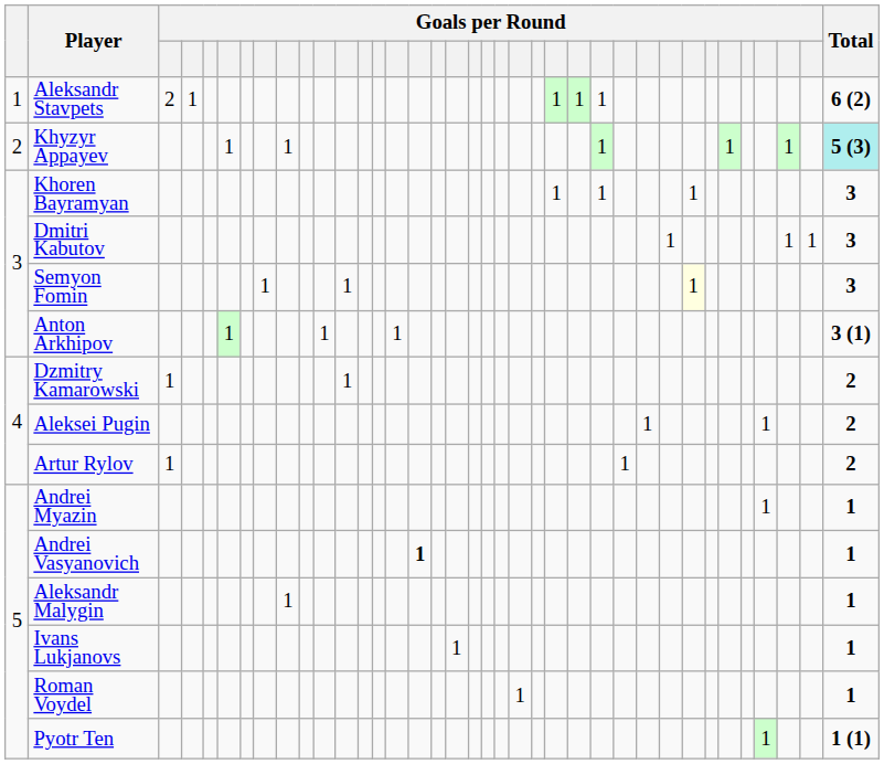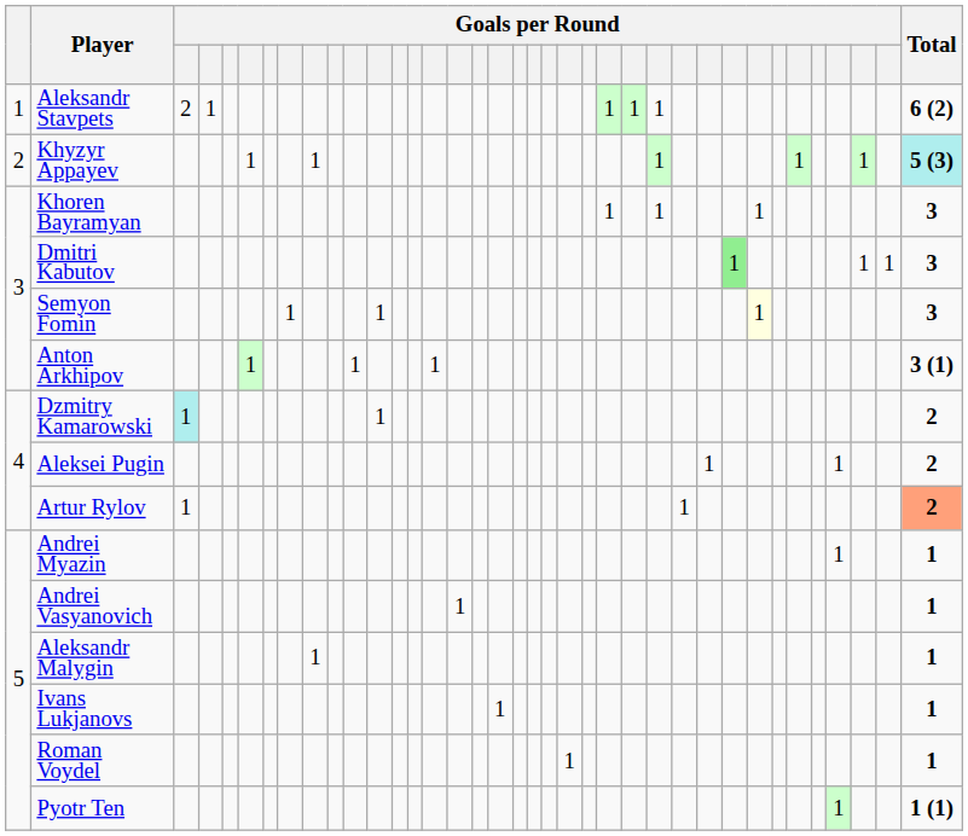 <table class="wikitable" style="text-align:center; line-height: 90%; font-size:90%;">
 <tr>
 <th rowspan=2 width=30></th>
 <th rowspan=2 width=165>Player</th>
 <th colspan=34 height=18>Goals per Round</th>
 <th rowspan=2 colspan=2 height=18 width=40>Total</th>
 </tr>
 <tr>
 <th width=25 height=18></th>
 <th width=25></th>
 <th width=25></th>
 <th width=25></th>
 <th width=25></th>
 <th width=25></th>
 <th width=25></th>
 <th width=25></th>
 <th width=25></th>
 <th width=25></th>
 <th width=25></th>
 <th width=25></th>
 <th width=26></th>
 <th width=25></th>
 <th width=25></th>
 <th width=25></th>
 <th width=25></th>
 <th width=25></th>
 <th width=25></th>
 <th width=25></th>
 <th width=25></th>
 <th width=25></th>
 <th width=25></th>
 <th width=25></th>
 <th width=25></th>
 <th width=25></th>
 <th width=25></th>
 <th width=25></th>
 <th width=25></th>
 <th width=25></th>
 <th width=25></th>
 <th width=25></th>
 <th width=25></th>
 <th width=25></th>
 </tr>
 <tr>
 <td>1</td>
 <td align=left height=21> <a href='#'>Aleksandr Stavpets</a></td>
 <td>2</td>
 <td>1</td>
 <td></td>
 <td></td>
 <td></td>
 <td></td>
 <td></td>
 <td></td>
 <td></td>
 <td></td>
 <td></td>
 <td></td>
 <td></td>
 <td></td>
 <td></td>
 <td></td>
 <td></td>
 <td></td>
 <td></td>
 <td></td>
 <td></td>
 <td bgcolor=#CCFFCC>1</td>
 <td bgcolor=#CCFFCC>1</td>
 <td>1</td>
 <td></td>
 <td></td>
 <td></td>
 <td></td>
 <td></td>
 <td></td>
 <td></td>
 <td></td>
 <td></td>
 <td></td>
 <td><strong>6 (2)</strong></td>
 </tr>
 <tr>
 <td>2</td>
 <td align=left height=21> <a href='#'>Khyzyr Appayev</a></td>
 <td></td>
 <td></td>
 <td></td>
 <td>1</td>
 <td></td>
 <td></td>
 <td>1</td>
 <td></td>
 <td></td>
 <td></td>
 <td></td>
 <td></td>
 <td></td>
 <td></td>
 <td></td>
 <td></td>
 <td></td>
 <td></td>
 <td></td>
 <td></td>
 <td></td>
 <td></td>
 <td></td>
 <td bgcolor=#CCFFCC>1</td>
 <td></td>
 <td></td>
 <td></td>
 <td></td>
 <td></td>
 <td bgcolor=#CCFFCC>1</td>
 <td></td>
 <td></td>
 <td bgcolor=#CCFFCC>1</td>
 <td></td>
 <td style="background: paleturquoise;"><strong>5 (3)</strong></td>
 </tr>
 <tr>
 <td rowspan=4>3</td>
 <td align=left height=21> <a href='#'>Khoren Bayramyan</a></td>
 <td></td>
 <td></td>
 <td></td>
 <td></td>
 <td></td>
 <td></td>
 <td></td>
 <td></td>
 <td></td>
 <td></td>
 <td></td>
 <td></td>
 <td></td>
 <td></td>
 <td></td>
 <td></td>
 <td></td>
 <td></td>
 <td></td>
 <td></td>
 <td></td>
 <td>1</td>
 <td></td>
 <td>1</td>
 <td></td>
 <td></td>
 <td></td>
 <td>1</td>
 <td></td>
 <td></td>
 <td></td>
 <td></td>
 <td></td>
 <td></td>
 <td><strong>3</strong></td>
 </tr>
 <tr>
 <td align=left height=21> <a href='#'>Dmitri Kabutov</a></td>
 <td></td>
 <td></td>
 <td></td>
 <td></td>
 <td></td>
 <td></td>
 <td></td>
 <td></td>
 <td></td>
 <td></td>
 <td></td>
 <td></td>
 <td></td>
 <td></td>
 <td></td>
 <td></td>
 <td></td>
 <td></td>
 <td></td>
 <td></td>
 <td></td>
 <td></td>
 <td></td>
 <td></td>
 <td></td>
 <td></td>
-<td>1</td>
+<td style="background: lightgreen;">1</td>
 <td></td>
 <td></td>
 <td></td>
 <td></td>
 <td></td>
 <td>1</td>
 <td>1</td>
 <td><strong>3</strong></td>
 </tr>
 <tr>
 <td align=left height=21> <a href='#'>Semyon Fomin</a></td>
 <td></td>
 <td></td>
 <td></td>
 <td></td>
 <td></td>
 <td>1</td>
 <td></td>
 <td></td>
 <td></td>
 <td>1</td>
 <td></td>
 <td></td>
 <td></td>
 <td></td>
 <td></td>
 <td></td>
 <td></td>
 <td></td>
 <td></td>
 <td></td>
 <td></td>
 <td></td>
 <td></td>
 <td></td>
 <td></td>
 <td></td>
 <td></td>
 <td style="background: lightyellow;">1</td>
 <td></td>
 <td></td>
 <td></td>
 <td></td>
 <td></td>
 <td></td>
 <td><strong>3</strong></td>
 </tr>
 <tr>
 <td align=left height=21> <a href='#'>Anton Arkhipov</a></td>
 <td></td>
 <td></td>
 <td></td>
 <td bgcolor=#CCFFCC>1</td>
 <td></td>
 <td></td>
 <td></td>
 <td></td>
 <td>1</td>
 <td></td>
 <td></td>
 <td></td>
 <td>1</td>
 <td></td>
 <td></td>
 <td></td>
 <td></td>
 <td></td>
 <td></td>
 <td></td>
 <td></td>
 <td></td>
 <td></td>
 <td></td>
 <td></td>
 <td></td>
 <td></td>
 <td></td>
 <td></td>
 <td></td>
 <td></td>
 <td></td>
 <td></td>
 <td></td>
 <td><strong>3 (1)</strong></td>
 </tr>
 <tr>
 <td rowspan=3>4</td>
 <td align=left height=21> <a href='#'>Dzmitry Kamarowski</a></td>
-<td>1</td>
+<td style="background: paleturquoise;">1</td>
 <td></td>
 <td></td>
 <td></td>
 <td></td>
 <td></td>
 <td></td>
 <td></td>
 <td></td>
 <td>1</td>
 <td></td>
 <td></td>
 <td></td>
 <td></td>
 <td></td>
 <td></td>
 <td></td>
 <td></td>
 <td></td>
 <td></td>
 <td></td>
 <td></td>
 <td></td>
 <td></td>
 <td></td>
 <td></td>
 <td></td>
 <td></td>
 <td></td>
 <td></td>
 <td></td>
 <td></td>
 <td></td>
 <td></td>
 <td><strong>2</strong></td>
 </tr>
 <tr>
 <td align=left height=21> <a href='#'>Aleksei Pugin</a></td>
 <td></td>
 <td></td>
 <td></td>
 <td></td>
 <td></td>
 <td></td>
 <td></td>
 <td></td>
 <td></td>
 <td></td>
 <td></td>
 <td></td>
 <td></td>
 <td></td>
 <td></td>
 <td></td>
 <td></td>
 <td></td>
 <td></td>
 <td></td>
 <td></td>
 <td></td>
 <td></td>
 <td></td>
 <td></td>
 <td>1</td>
 <td></td>
 <td></td>
 <td></td>
 <td></td>
 <td></td>
 <td>1</td>
 <td></td>
 <td></td>
 <td><strong>2</strong></td>
 </tr>
 <tr>
 <td align=left height=21> <a href='#'>Artur Rylov</a></td>
 <td>1</td>
 <td></td>
 <td></td>
 <td></td>
 <td></td>
 <td></td>
 <td></td>
 <td></td>
 <td></td>
 <td></td>
 <td></td>
 <td></td>
 <td></td>
 <td></td>
 <td></td>
 <td></td>
 <td></td>
 <td></td>
 <td></td>
 <td></td>
 <td></td>
 <td></td>
 <td></td>
 <td></td>
 <td>1</td>
 <td></td>
 <td></td>
 <td></td>
 <td></td>
 <td></td>
 <td></td>
 <td></td>
 <td></td>
 <td></td>
-<td><strong>2</strong></td>
+<td style="background: lightsalmon;"><strong>2</strong></td>
 </tr>
 <tr>
 <td rowspan=6>5</td>
 <td align=left height=21> <a href='#'>Andrei Myazin</a></td>
 <td></td>
 <td></td>
 <td></td>
 <td></td>
 <td></td>
 <td></td>
 <td></td>
 <td></td>
 <td></td>
 <td></td>
 <td></td>
 <td></td>
 <td></td>
 <td></td>
 <td></td>
 <td></td>
 <td></td>
 <td></td>
 <td></td>
 <td></td>
 <td></td>
 <td></td>
 <td></td>
 <td></td>
 <td></td>
 <td></td>
 <td></td>
 <td></td>
 <td></td>
 <td></td>
 <td></td>
 <td>1</td>
 <td></td>
 <td></td>
 <td><strong>1</strong></td>
 </tr>
 <tr>
 <td align=left height=21> <a href='#'>Andrei Vasyanovich</a></td>
 <td></td>
 <td></td>
 <td></td>
 <td></td>
 <td></td>
 <td></td>
 <td></td>
 <td></td>
 <td></td>
 <td></td>
 <td></td>
 <td></td>
 <td></td>
-<td><strong>1</strong></td>
+<td>1</td>
 <td></td>
 <td></td>
 <td></td>
 <td></td>
 <td></td>
 <td></td>
 <td></td>
 <td></td>
 <td></td>
 <td></td>
 <td></td>
 <td></td>
 <td></td>
 <td></td>
 <td></td>
 <td></td>
 <td></td>
 <td></td>
 <td></td>
 <td></td>
 <td><strong>1</strong></td>
 </tr>
 <tr>
 <td align=left height=21> <a href='#'>Aleksandr Malygin</a></td>
 <td></td>
 <td></td>
 <td></td>
 <td></td>
 <td></td>
 <td></td>
 <td>1</td>
 <td></td>
 <td></td>
 <td></td>
 <td></td>
 <td></td>
 <td></td>
 <td></td>
 <td></td>
 <td></td>
 <td></td>
 <td></td>
 <td></td>
 <td></td>
 <td></td>
 <td></td>
 <td></td>
 <td></td>
 <td></td>
 <td></td>
 <td></td>
 <td></td>
 <td></td>
 <td></td>
 <td></td>
 <td></td>
 <td></td>
 <td></td>
 <td><strong>1</strong></td>
 </tr>
 <tr>
 <td align=left height=21> <a href='#'>Ivans Lukjanovs</a></td>
 <td></td>
 <td></td>
 <td></td>
 <td></td>
 <td></td>
 <td></td>
 <td></td>
 <td></td>
 <td></td>
 <td></td>
 <td></td>
 <td></td>
 <td></td>
 <td></td>
 <td></td>
 <td>1</td>
 <td></td>
 <td></td>
 <td></td>
 <td></td>
 <td></td>
 <td></td>
 <td></td>
 <td></td>
 <td></td>
 <td></td>
 <td></td>
 <td></td>
 <td></td>
 <td></td>
 <td></td>
 <td></td>
 <td></td>
 <td></td>
 <td><strong>1</strong></td>
 </tr>
 <tr>
 <td align=left height=21> <a href='#'>Roman Voydel</a></td>
 <td></td>
 <td></td>
 <td></td>
 <td></td>
 <td></td>
 <td></td>
 <td></td>
 <td></td>
 <td></td>
 <td></td>
 <td></td>
 <td></td>
 <td></td>
 <td></td>
 <td></td>
 <td></td>
 <td></td>
 <td></td>
 <td></td>
 <td>1</td>
 <td></td>
 <td></td>
 <td></td>
 <td></td>
 <td></td>
 <td></td>
 <td></td>
 <td></td>
 <td></td>
 <td></td>
 <td></td>
 <td></td>
 <td></td>
 <td></td>
 <td><strong>1</strong></td>
 </tr>
 <tr>
 <td align=left height=21> <a href='#'>Pyotr Ten</a></td>
 <td></td>
 <td></td>
 <td></td>
 <td></td>
 <td></td>
 <td></td>
 <td></td>
 <td></td>
 <td></td>
 <td></td>
 <td></td>
 <td></td>
 <td></td>
 <td></td>
 <td></td>
 <td></td>
 <td></td>
 <td></td>
 <td></td>
 <td></td>
 <td></td>
 <td></td>
 <td></td>
 <td></td>
 <td></td>
 <td></td>
 <td></td>
 <td></td>
 <td></td>
 <td></td>
 <td></td>
 <td bgcolor=#CCFFCC>1</td>
 <td></td>
 <td></td>
 <td><strong>1 (1)</strong></td>
 </tr>
 </table>
